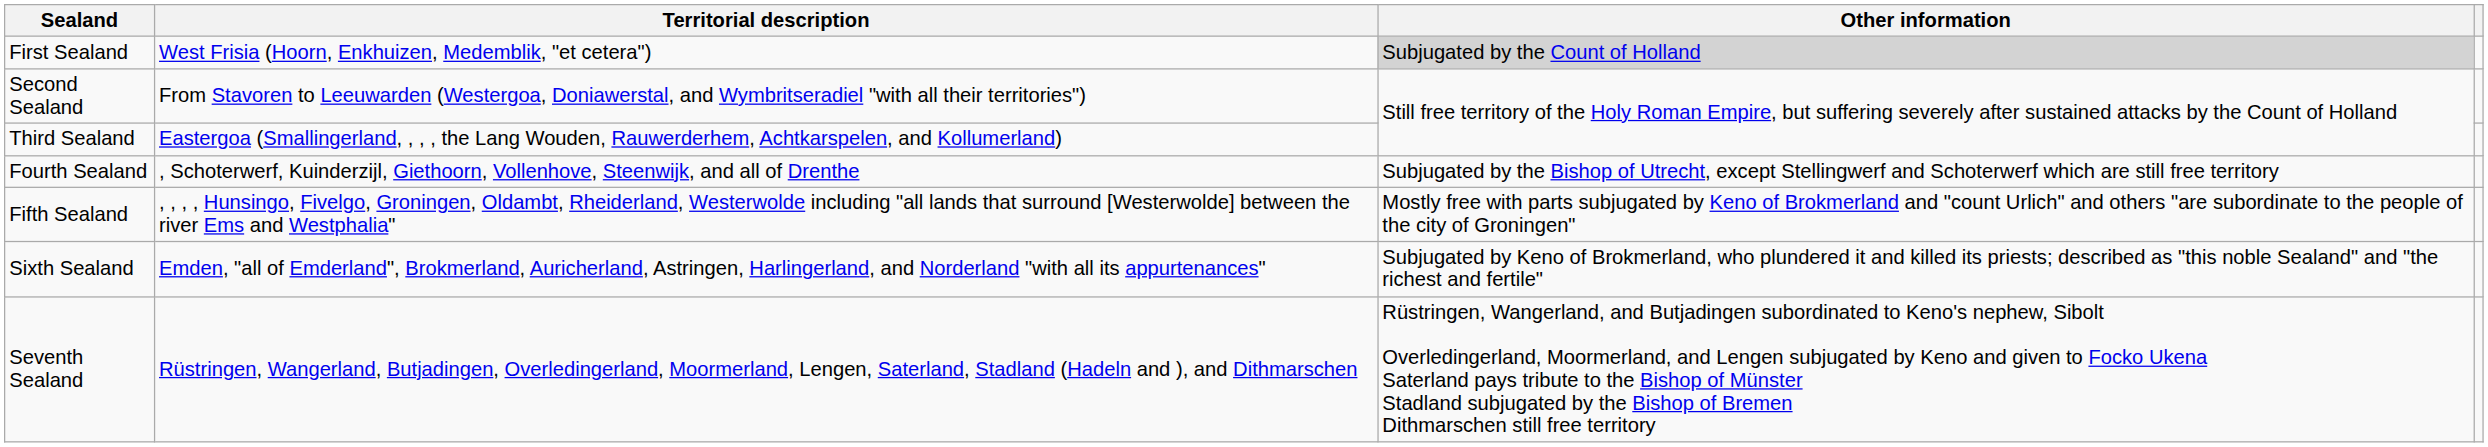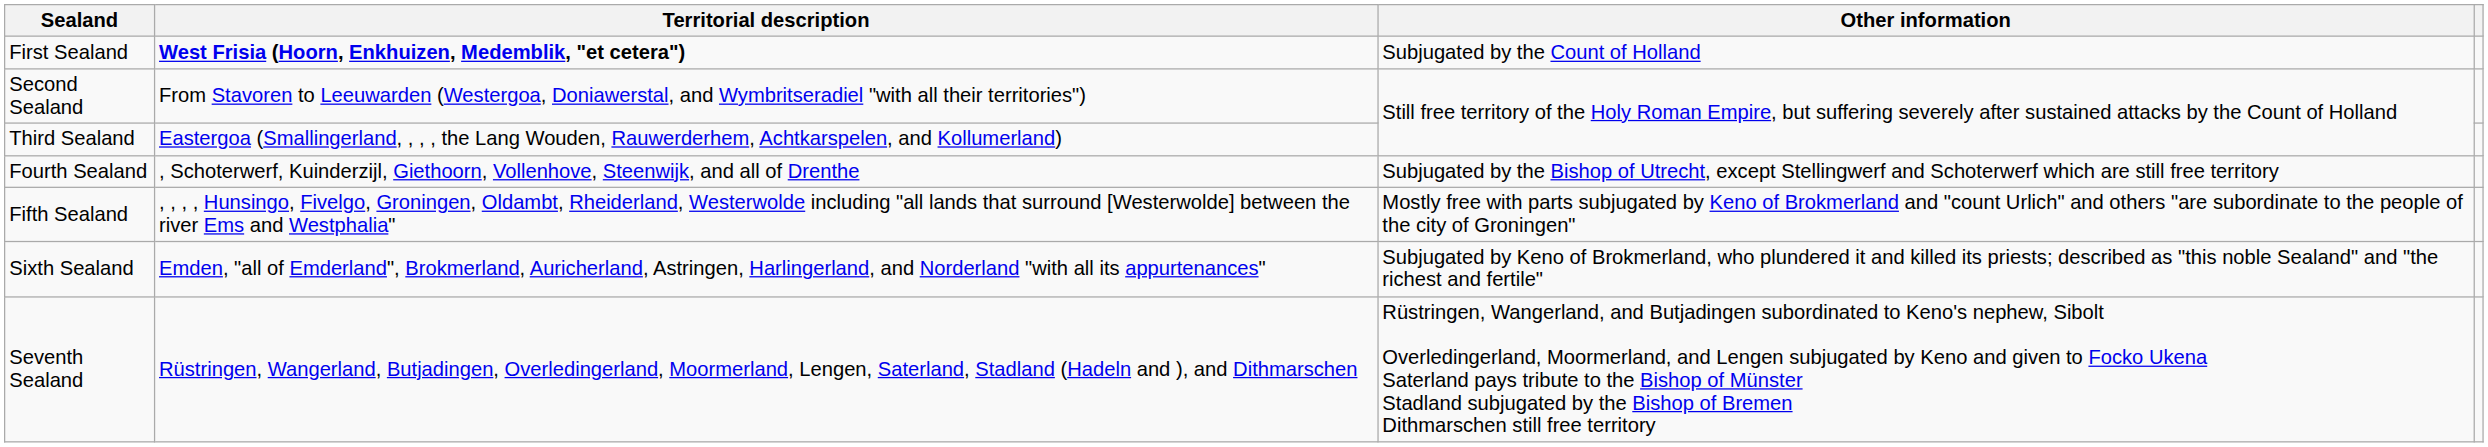 <table class="wikitable">
 <tr>
 <th>Sealand</th>
 <th>Territorial description</th>
 <th>Other information</th>
 <th></th>
 </tr>
 <tr>
 <td>First Sealand</td>
-<td><a href='#'>West Frisia</a> (<a href='#'>Hoorn</a>, <a href='#'>Enkhuizen</a>, <a href='#'>Medemblik</a>, "et cetera")</td>
-<td style="background: lightgrey;">Subjugated by the <a href='#'>Count of Holland</a></td>
+<td><strong><a href='#'>West Frisia</a> (<a href='#'>Hoorn</a>, <a href='#'>Enkhuizen</a>, <a href='#'>Medemblik</a>, "et cetera")</strong></td>
+<td>Subjugated by the <a href='#'>Count of Holland</a></td>
 <td></td>
 </tr>
 <tr>
 <td>Second Sealand</td>
 <td>From <a href='#'>Stavoren</a> to <a href='#'>Leeuwarden</a> (<a href='#'>Westergoa</a>, <a href='#'>Doniawerstal</a>, and <a href='#'>Wymbritseradiel</a> "with all their territories")</td>
 <td rowspan="2">Still free territory of the <a href='#'>Holy Roman Empire</a>, but suffering severely after sustained attacks by the Count of Holland</td>
 <td></td>
 </tr>
 <tr>
 <td>Third Sealand</td>
 <td><a href='#'>Eastergoa</a> (<a href='#'>Smallingerland</a>, , , , the Lang Wouden, <a href='#'>Rauwerderhem</a>, <a href='#'>Achtkarspelen</a>, and <a href='#'>Kollumerland</a>)</td>
 <td></td>
 </tr>
 <tr>
 <td>Fourth Sealand</td>
 <td>, Schoterwerf, Kuinderzijl, <a href='#'>Giethoorn</a>, <a href='#'>Vollenhove</a>, <a href='#'>Steenwijk</a>, and all of <a href='#'>Drenthe</a></td>
 <td>Subjugated by the <a href='#'>Bishop of Utrecht</a>, except Stellingwerf and Schoterwerf which are still free territory</td>
 <td></td>
 </tr>
 <tr>
 <td>Fifth Sealand</td>
 <td>, , , , <a href='#'>Hunsingo</a>, <a href='#'>Fivelgo</a>, <a href='#'>Groningen</a>, <a href='#'>Oldambt</a>, <a href='#'>Rheiderland</a>, <a href='#'>Westerwolde</a> including "all lands that surround [Westerwolde] between the river <a href='#'>Ems</a> and <a href='#'>Westphalia</a>"</td>
 <td>Mostly free with parts subjugated by <a href='#'>Keno of Brokmerland</a> and "count Urlich" and others "are subordinate to the people of the city of Groningen"</td>
 <td></td>
 </tr>
 <tr>
 <td>Sixth Sealand</td>
 <td><a href='#'>Emden</a>, "all of <a href='#'>Emderland</a>", <a href='#'>Brokmerland</a>, <a href='#'>Auricherland</a>, Astringen, <a href='#'>Harlingerland</a>, and <a href='#'>Norderland</a> "with all its <a href='#'>appurtenances</a>"</td>
 <td>Subjugated by Keno of Brokmerland, who plundered it and killed its priests; described as "this noble Sealand" and "the richest and fertile"</td>
 <td></td>
 </tr>
 <tr>
 <td>Seventh Sealand</td>
 <td><a href='#'>Rüstringen</a>, <a href='#'>Wangerland</a>, <a href='#'>Butjadingen</a>, <a href='#'>Overledingerland</a>, <a href='#'>Moormerland</a>, Lengen, <a href='#'>Saterland</a>, <a href='#'>Stadland</a> (<a href='#'>Hadeln</a> and ), and <a href='#'>Dithmarschen</a></td>
 <td>Rüstringen, Wangerland, and Butjadingen subordinated to Keno's nephew, Sibolt<br><br>Overledingerland, Moormerland, and Lengen subjugated by Keno and given to <a href='#'>Focko Ukena</a><br> Saterland pays tribute to the <a href='#'>Bishop of Münster</a><br> Stadland subjugated by the <a href='#'>Bishop of Bremen</a><br> Dithmarschen still free territory</td>
 <td></td>
 </tr>
 </table>
